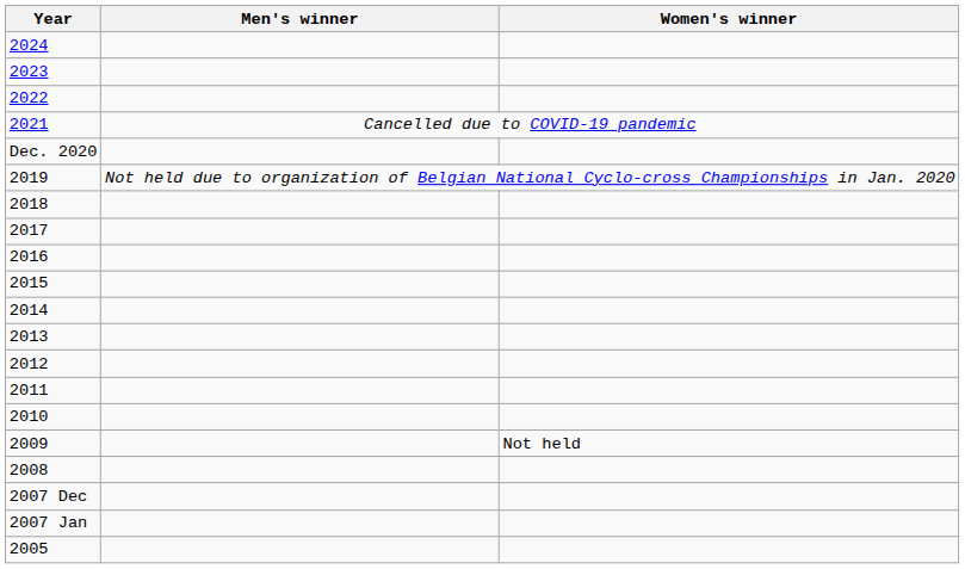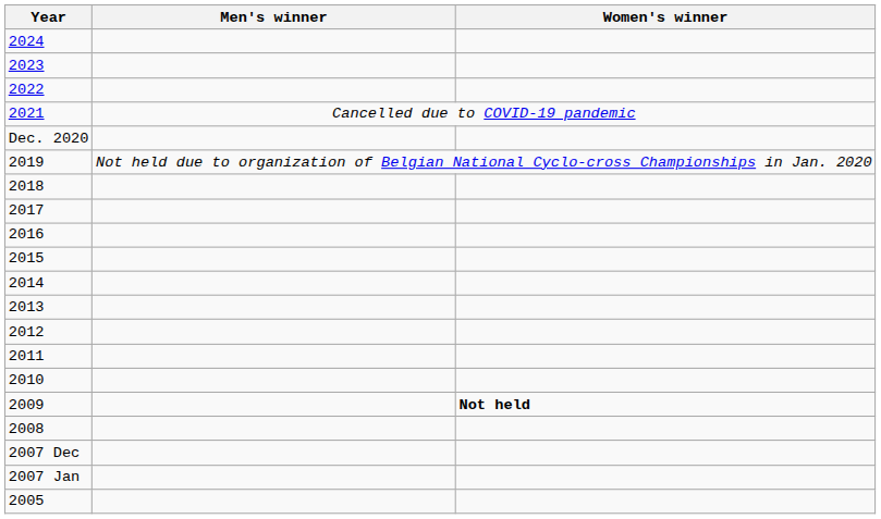 <table class="wikitable">
 <tr>
 <th>Year</th>
 <th>Men's winner</th>
 <th>Women's winner</th>
 </tr>
 <tr>
 <td><a href='#'>2024</a></td>
 <td></td>
 <td></td>
 </tr>
 <tr>
 <td><a href='#'>2023</a></td>
 <td></td>
 <td></td>
 </tr>
 <tr>
 <td><a href='#'>2022</a></td>
 <td></td>
 <td></td>
 </tr>
 <tr>
 <td><a href='#'>2021</a></td>
 <td colspan=2 align=center><em>Cancelled due to <a href='#'>COVID-19 pandemic</a></em></td>
 </tr>
 <tr>
 <td>Dec. 2020</td>
 <td></td>
 <td></td>
 </tr>
 <tr>
 <td>2019</td>
 <td colspan=2><em>Not held due to organization of <a href='#'>Belgian National Cyclo-cross Championships</a> in Jan. 2020</em></td>
 </tr>
 <tr>
 <td>2018</td>
 <td></td>
 <td></td>
 </tr>
 <tr>
 <td>2017</td>
 <td></td>
 <td></td>
 </tr>
 <tr>
 <td>2016</td>
 <td></td>
 <td></td>
 </tr>
 <tr>
 <td>2015</td>
 <td></td>
 <td></td>
 </tr>
 <tr>
 <td>2014</td>
 <td></td>
 <td></td>
 </tr>
 <tr>
 <td>2013</td>
 <td></td>
 <td></td>
 </tr>
 <tr>
 <td>2012</td>
 <td></td>
 <td></td>
 </tr>
 <tr>
 <td>2011</td>
 <td></td>
 <td></td>
 </tr>
 <tr>
 <td>2010</td>
 <td></td>
 <td></td>
 </tr>
 <tr>
 <td>2009</td>
 <td></td>
-<td>Not held</td>
+<td><strong>Not held</strong></td>
 </tr>
 <tr>
 <td>2008</td>
 <td></td>
 <td></td>
 </tr>
 <tr>
 <td>2007 Dec</td>
 <td></td>
 <td></td>
 </tr>
 <tr>
 <td>2007 Jan</td>
 <td></td>
 <td></td>
 </tr>
 <tr>
 <td>2005</td>
 <td></td>
 <td></td>
 </tr>
 </table>
